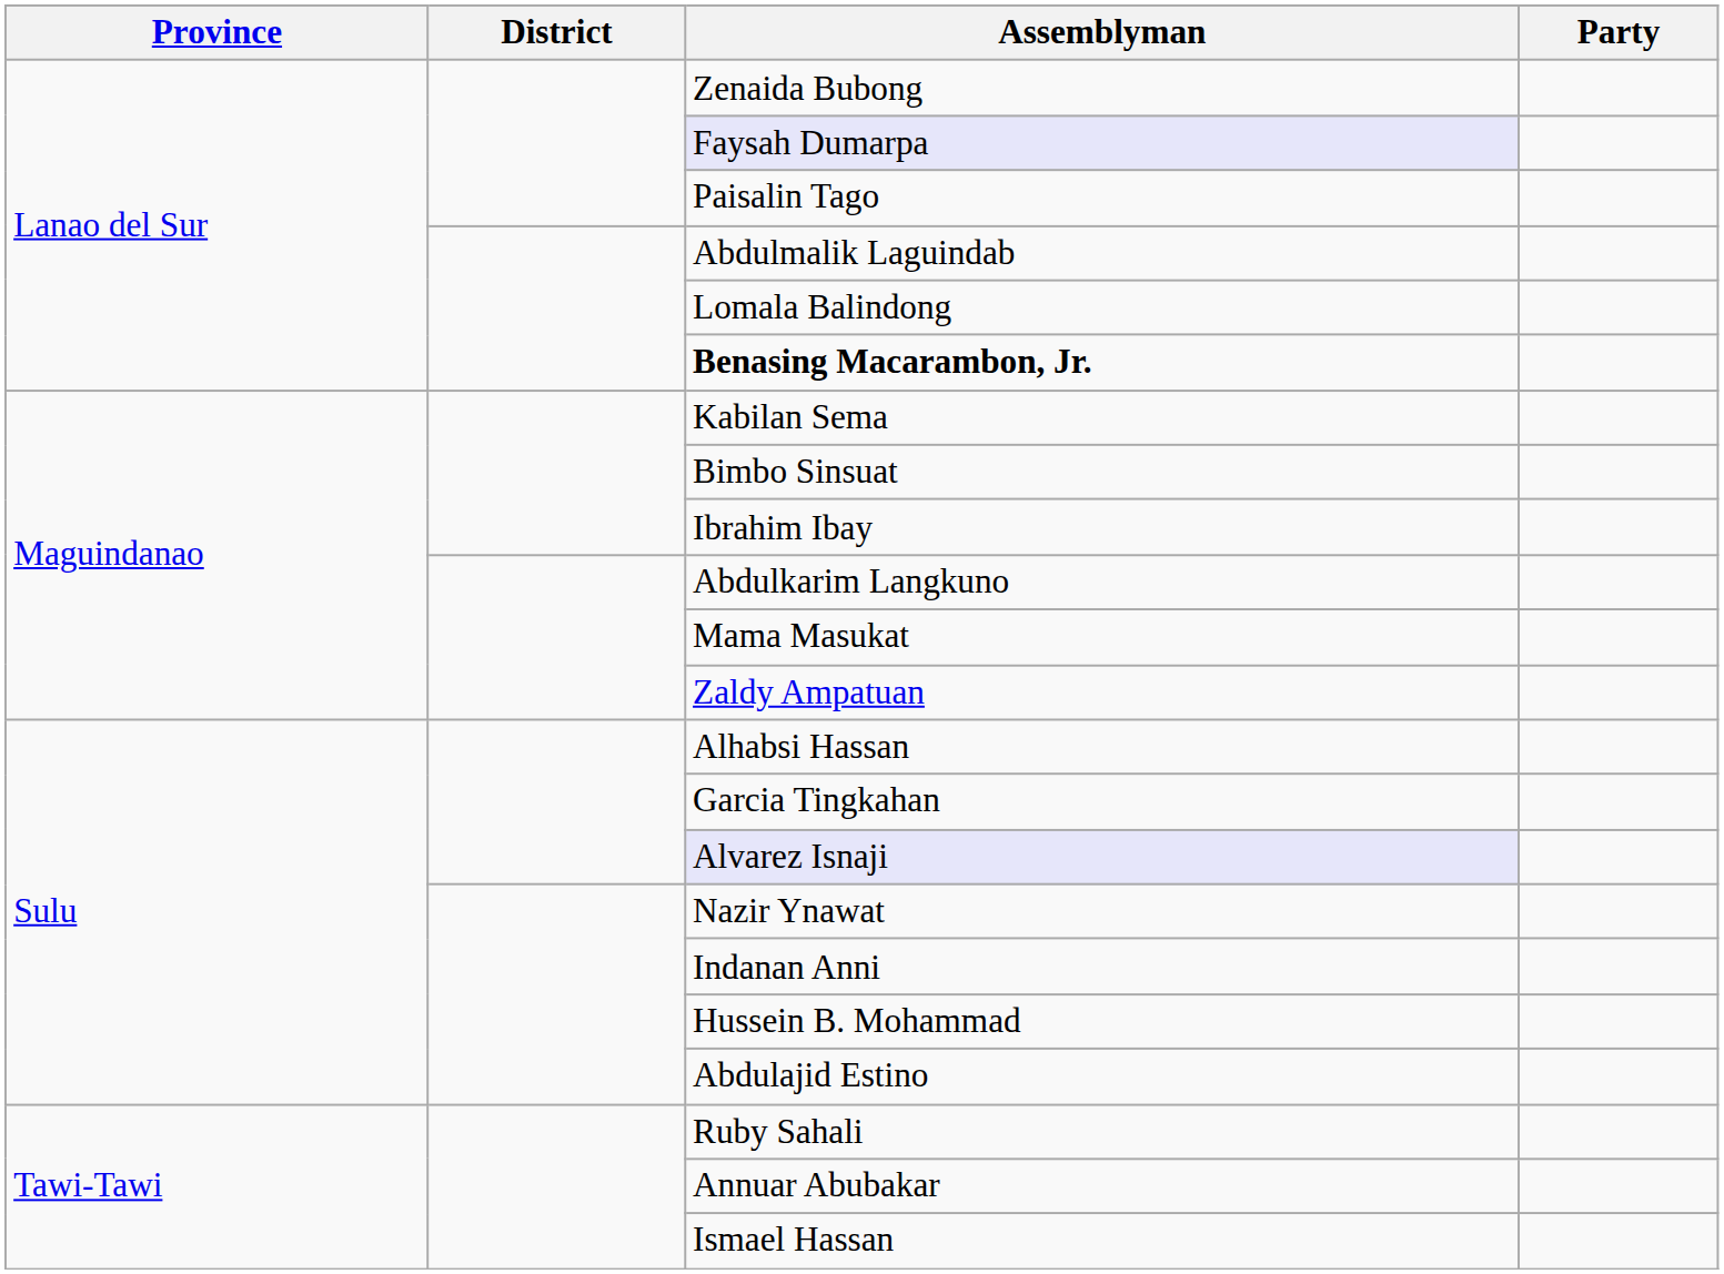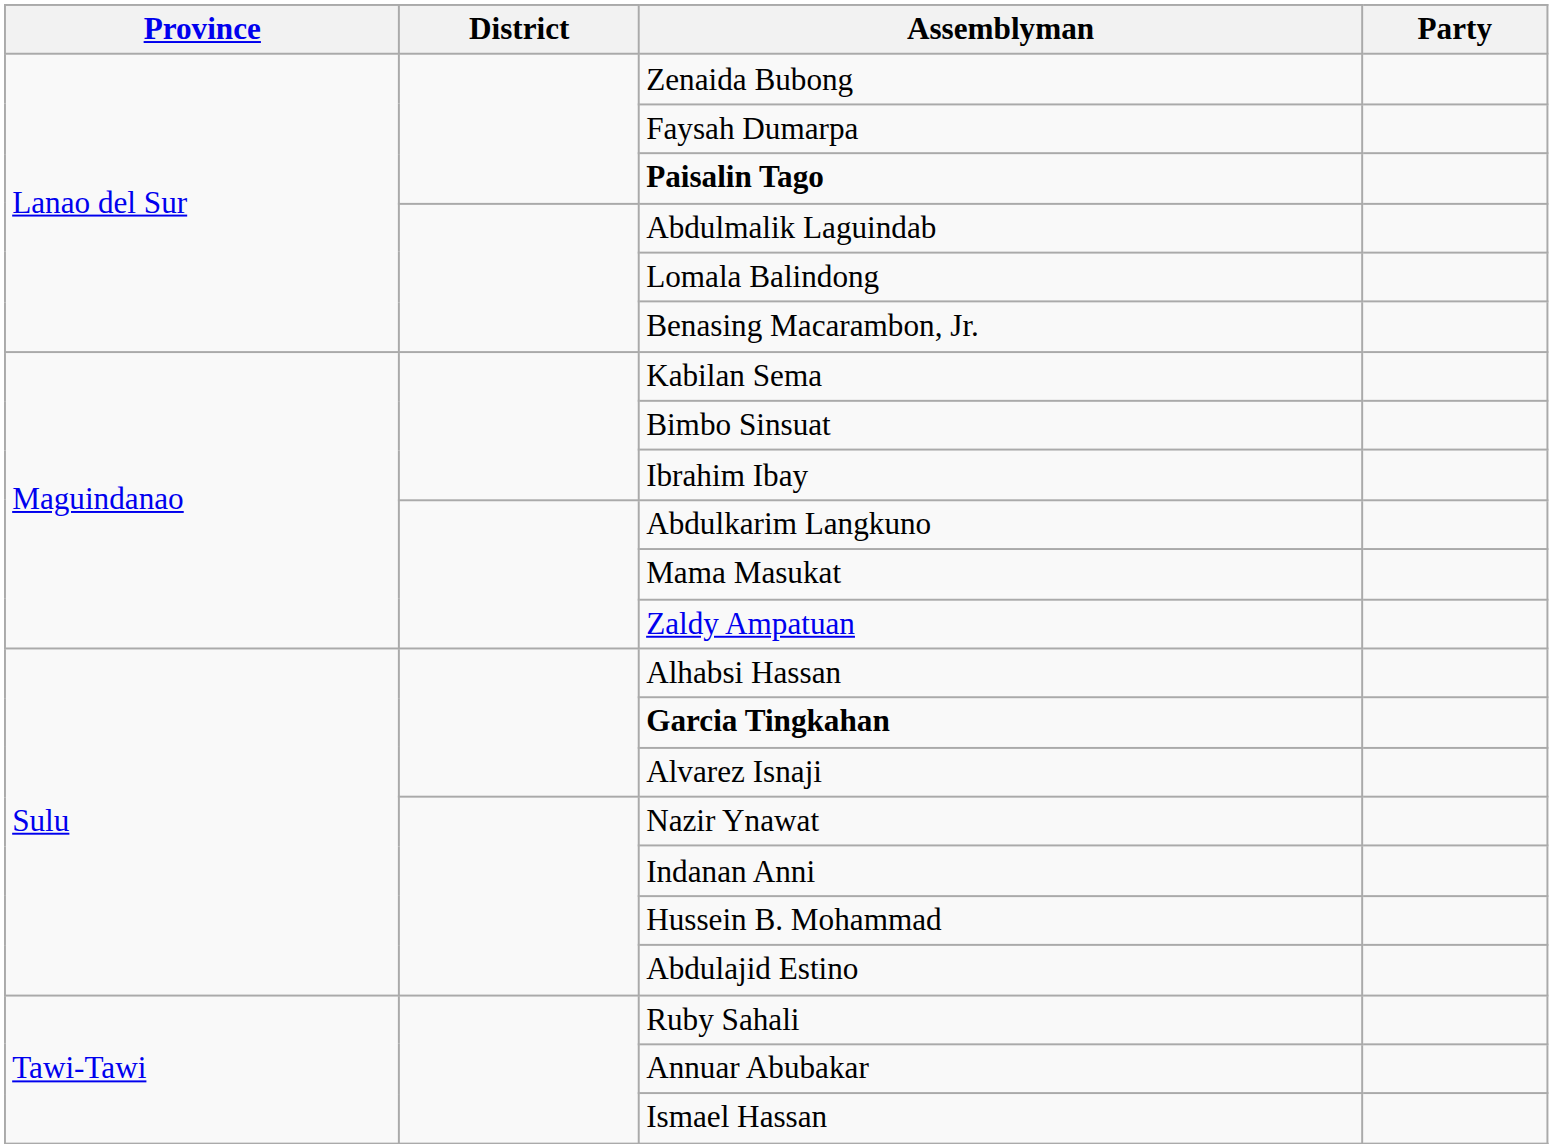 <table class="wikitable" width=50%; colspan= 4>
 <tr>
 <th><a href='#'>Province</a></th>
 <th>District</th>
 <th>Assemblyman</th>
 <th>Party</th>
 </tr>
 <tr>
 <td rowspan=6><a href='#'>Lanao del Sur</a></td>
 <td rowspan=3></td>
 <td>Zenaida Bubong</td>
 <td></td>
 </tr>
 <tr>
-<td style="background: lavender;">Faysah Dumarpa</td>
+<td>Faysah Dumarpa</td>
 <td></td>
 </tr>
 <tr>
-<td>Paisalin Tago</td>
+<td><strong>Paisalin Tago</strong></td>
 <td></td>
 </tr>
 <tr>
 <td rowspan=3></td>
 <td>Abdulmalik Laguindab</td>
 <td></td>
 </tr>
 <tr>
 <td>Lomala Balindong</td>
 <td></td>
 </tr>
 <tr>
-<td><strong>Benasing Macarambon, Jr.</strong></td>
+<td>Benasing Macarambon, Jr.</td>
 <td></td>
 </tr>
 <tr>
 <td rowspan=6><a href='#'>Maguindanao</a></td>
 <td rowspan=3></td>
 <td>Kabilan Sema</td>
 <td></td>
 </tr>
 <tr>
 <td>Bimbo Sinsuat</td>
 <td></td>
 </tr>
 <tr>
 <td>Ibrahim Ibay</td>
 <td></td>
 </tr>
 <tr>
 <td rowspan=3></td>
 <td>Abdulkarim Langkuno</td>
 <td></td>
 </tr>
 <tr>
 <td>Mama Masukat</td>
 <td></td>
 </tr>
 <tr>
 <td><a href='#'>Zaldy Ampatuan</a><br></td>
 <td></td>
 </tr>
 <tr>
 <td rowspan=7><a href='#'>Sulu</a></td>
 <td rowspan=3></td>
 <td>Alhabsi Hassan</td>
 <td></td>
 </tr>
 <tr>
-<td>Garcia Tingkahan</td>
+<td><strong>Garcia Tingkahan</strong></td>
 <td></td>
 </tr>
 <tr>
-<td style="background: lavender;">Alvarez Isnaji</td>
+<td>Alvarez Isnaji</td>
 <td></td>
 </tr>
 <tr>
 <td rowspan=4></td>
 <td>Nazir Ynawat</td>
 <td></td>
 </tr>
 <tr>
 <td>Indanan Anni</td>
 <td></td>
 </tr>
 <tr>
 <td>Hussein B. Mohammad<br></td>
 <td></td>
 </tr>
 <tr>
 <td>Abdulajid Estino<br></td>
 <td></td>
 </tr>
 <tr>
 <td rowspan=3><a href='#'>Tawi-Tawi</a></td>
 <td rowspan=3></td>
 <td>Ruby Sahali</td>
 <td></td>
 </tr>
 <tr>
 <td>Annuar Abubakar</td>
 <td></td>
 </tr>
 <tr>
 <td>Ismael Hassan</td>
 <td></td>
 </tr>
 <tr>
 </tr>
 </table>
